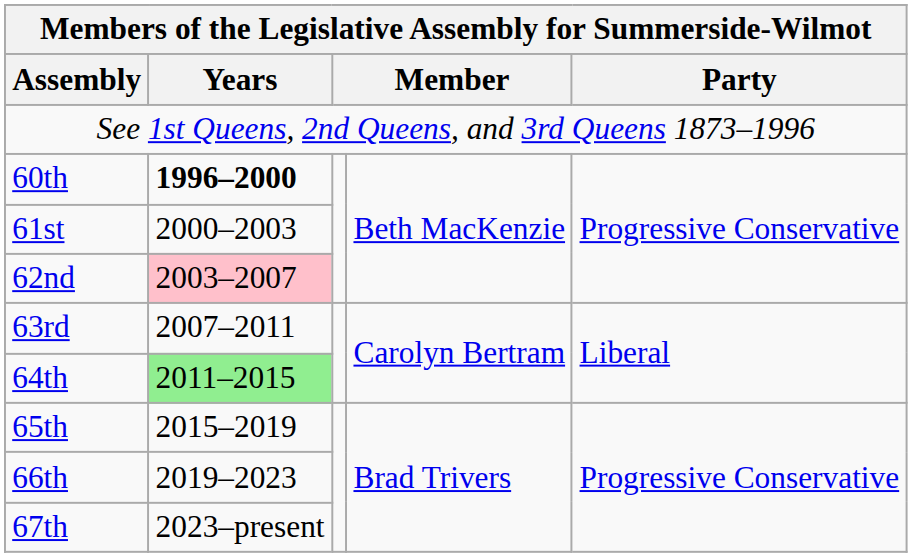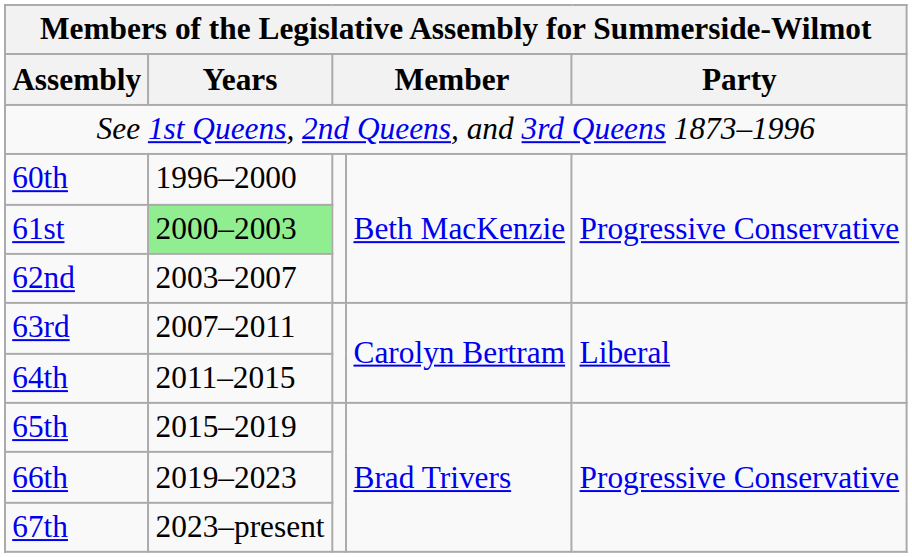 <table class="wikitable" align=centre>
 <tr>
 <th colspan=5>Members of the Legislative Assembly for Summerside-Wilmot</th>
 </tr>
 <tr>
 <th>Assembly</th>
 <th>Years</th>
 <th colspan="2">Member</th>
 <th>Party</th>
 </tr>
 <tr>
 <td align="center" colspan=5><em>See <a href='#'>1st Queens</a>, <a href='#'>2nd Queens</a>, and <a href='#'>3rd Queens</a> 1873–1996</em></td>
 </tr>
 <tr>
 <td><a href='#'>60th</a></td>
-<td><strong>1996–2000</strong></td>
+<td>1996–2000</td>
 <td rowspan=3 ></td>
 <td rowspan=3><a href='#'>Beth MacKenzie</a></td>
 <td rowspan=3><a href='#'>Progressive Conservative</a></td>
 </tr>
 <tr>
 <td><a href='#'>61st</a></td>
-<td>2000–2003</td>
+<td style="background: lightgreen;">2000–2003</td>
 </tr>
 <tr>
 <td><a href='#'>62nd</a></td>
-<td style="background: pink;">2003–2007</td>
+<td>2003–2007</td>
 </tr>
 <tr>
 <td><a href='#'>63rd</a></td>
 <td>2007–2011</td>
 <td rowspan=2 ></td>
 <td rowspan=2><a href='#'>Carolyn Bertram</a></td>
 <td rowspan=2><a href='#'>Liberal</a></td>
 </tr>
 <tr>
 <td><a href='#'>64th</a></td>
-<td style="background: lightgreen;">2011–2015</td>
+<td>2011–2015</td>
 </tr>
 <tr>
 <td><a href='#'>65th</a></td>
 <td>2015–2019</td>
 <td rowspan=3 ></td>
 <td rowspan=3><a href='#'>Brad Trivers</a></td>
 <td rowspan=3><a href='#'>Progressive Conservative</a></td>
 </tr>
 <tr>
 <td><a href='#'>66th</a></td>
 <td>2019–2023</td>
 </tr>
 <tr>
 <td><a href='#'>67th</a></td>
 <td>2023–present</td>
 </tr>
 </table>
